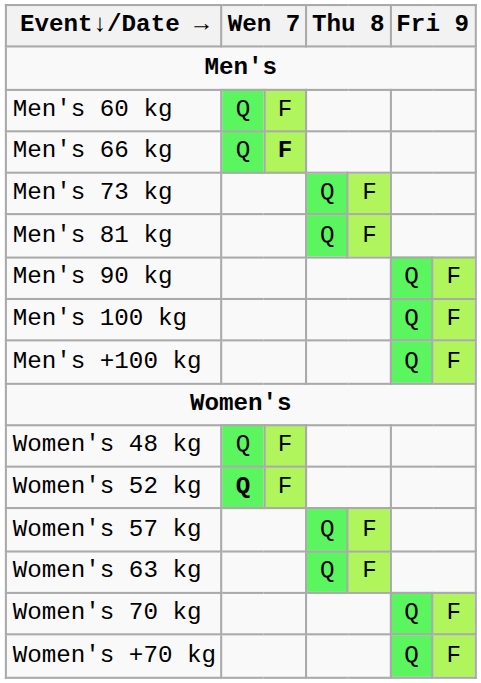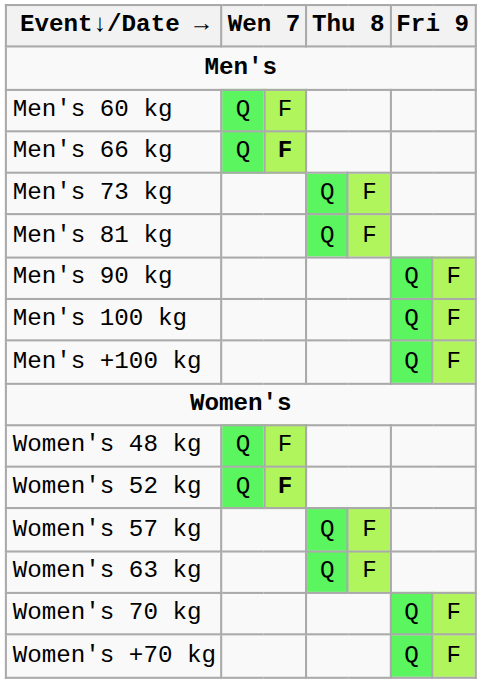 <table class="wikitable" style="margin:0.5em auto; font-size:90%; line-height:1.25em; text-align:center;">
 <tr>
 <th>Event↓/Date →</th>
 <th colspan=2>Wen 7</th>
 <th colspan=2>Thu 8</th>
 <th colspan="2">Fri 9</th>
 </tr>
 <tr>
 <td colspan="7"><strong>Men's</strong></td>
 </tr>
 <tr>
 <td style="text-align:left;">Men's 60 kg</td>
 <td style="background-color:#5BF560;">Q</td>
 <td style="background-color:#AFF55B;">F</td>
 <td colspan=2></td>
 <td colspan=2></td>
 </tr>
 <tr>
 <td style="text-align:left;">Men's 66 kg</td>
 <td style="background-color:#5BF560;">Q</td>
 <td style="background-color:#AFF55B;"><strong>F</strong></td>
 <td colspan=2></td>
 <td colspan=2></td>
 </tr>
 <tr>
 <td style="text-align:left;">Men's 73 kg</td>
 <td colspan=2></td>
 <td style="background-color:#5BF560;">Q</td>
 <td style="background-color:#AFF55B;">F</td>
 <td colspan=2></td>
 </tr>
 <tr>
 <td style="text-align:left;">Men's 81 kg</td>
 <td colspan=2></td>
 <td style="background-color:#5BF560;">Q</td>
 <td style="background-color:#AFF55B;">F</td>
 <td colspan=2></td>
 </tr>
 <tr>
 <td style="text-align:left;">Men's 90 kg</td>
 <td colspan=2></td>
 <td colspan=2></td>
 <td style="background-color:#5BF560;">Q</td>
 <td style="background-color:#AFF55B;">F</td>
 </tr>
 <tr>
 <td style="text-align:left;">Men's 100 kg</td>
 <td colspan=2></td>
 <td colspan=2></td>
 <td style="background-color:#5BF560;">Q</td>
 <td style="background-color:#AFF55B;">F</td>
 </tr>
 <tr>
 <td style="text-align:left;">Men's +100 kg</td>
 <td colspan=2></td>
 <td colspan=2></td>
 <td style="background-color:#5BF560;">Q</td>
 <td style="background-color:#AFF55B;">F</td>
 </tr>
 <tr>
 <td colspan="7"><strong>Women's</strong></td>
 </tr>
 <tr>
 <td style="text-align:left;">Women's 48 kg</td>
 <td style="background-color:#5BF560;">Q</td>
 <td style="background-color:#AFF55B;">F</td>
 <td colspan=2></td>
 <td colspan=2></td>
 </tr>
 <tr>
 <td style="text-align:left;">Women's 52 kg</td>
-<td style="background-color:#5BF560;"><strong>Q</strong></td>
-<td style="background-color:#AFF55B;">F</td>
+<td style="background-color:#5BF560;">Q</td>
+<td style="background-color:#AFF55B;"><strong>F</strong></td>
 <td colspan=2></td>
 <td colspan=2></td>
 </tr>
 <tr>
 <td style="text-align:left;">Women's 57 kg</td>
 <td colspan=2></td>
 <td style="background-color:#5BF560;">Q</td>
 <td style="background-color:#AFF55B;">F</td>
 <td colspan=2></td>
 </tr>
 <tr>
 <td style="text-align:left;">Women's 63 kg</td>
 <td colspan=2></td>
 <td style="background-color:#5BF560;">Q</td>
 <td style="background-color:#AFF55B;">F</td>
 <td colspan=2></td>
 </tr>
 <tr>
 <td style="text-align:left;">Women's 70 kg</td>
 <td colspan=2></td>
 <td colspan=2></td>
 <td style="background-color:#5BF560;">Q</td>
 <td style="background-color:#AFF55B;">F</td>
 </tr>
 <tr>
 <td style="text-align:left;">Women's +70 kg</td>
 <td colspan=2></td>
 <td colspan=2></td>
 <td style="background-color:#5BF560;">Q</td>
 <td style="background-color:#AFF55B;">F</td>
 </tr>
 </table>
